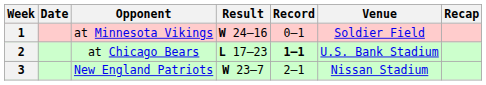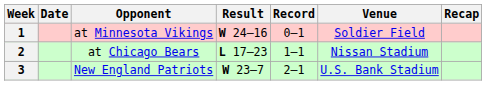 <table class="wikitable" style="text-align:center">
 <tr>
 <th>Week</th>
 <th>Date</th>
 <th>Opponent</th>
 <th>Result</th>
 <th>Record</th>
 <th>Venue</th>
 <th>Recap</th>
 </tr>
 <tr style="background:#fcc">
 <th>1</th>
 <td></td>
 <td>at <a href='#'>Minnesota Vikings</a></td>
 <td><strong>W</strong> 24–16</td>
 <td>0–1</td>
 <td><a href='#'>Soldier Field</a></td>
 <td></td>
 </tr>
 <tr style="background:#cfc">
 <th>2</th>
 <td></td>
 <td>at <a href='#'>Chicago Bears</a></td>
 <td><strong>L</strong> 17–23</td>
-<td><strong>1–1</strong></td>
-<td><a href='#'>U.S. Bank Stadium</a></td>
+<td>1–1</td>
+<td><a href='#'>Nissan Stadium</a></td>
 <td></td>
 </tr>
 <tr style="background:#cfc">
 <th>3</th>
 <td></td>
 <td><a href='#'>New England Patriots</a></td>
 <td><strong>W</strong> 23–7</td>
 <td>2–1</td>
-<td><a href='#'>Nissan Stadium</a></td>
+<td><a href='#'>U.S. Bank Stadium</a></td>
 <td></td>
 </tr>
 </table>
